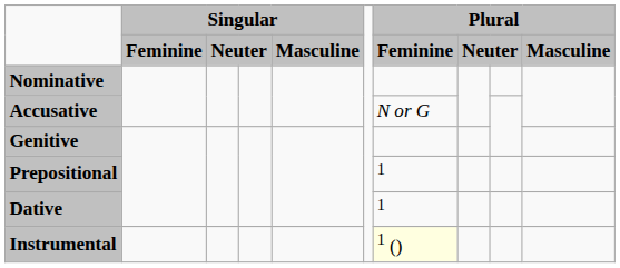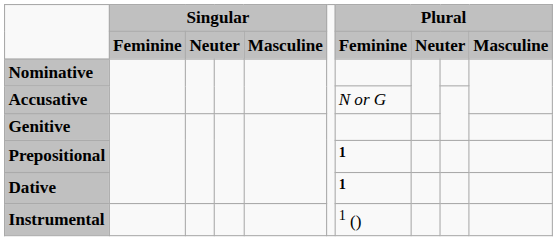 <table class="wikitable">
 <tr>
 <td rowspan="2"></td>
 <td style="background:#C0C0C0" colspan="4" align="center"><strong>Singular</strong></td>
 <td rowspan="8"></td>
 <td style="background:#C0C0C0" colspan="4" align="center"><strong>Plural</strong></td>
 </tr>
 <tr>
 <td style="background:#C0C0C0"><strong>Feminine</strong></td>
 <td style="background:#C0C0C0" colspan="2"><strong>Neuter</strong></td>
 <td style="background:#C0C0C0"><strong>Masculine</strong></td>
 <td style="background:#C0C0C0"><strong>Feminine</strong></td>
 <td style="background:#C0C0C0" colspan="2"><strong>Neuter</strong></td>
 <td style="background:#C0C0C0"><strong>Masculine</strong></td>
 </tr>
 <tr>
 <td style="background:#C0C0C0"><strong>Nominative</strong></td>
 <td rowspan="2"></td>
 <td rowspan="2"></td>
 <td rowspan="2"></td>
 <td rowspan="2"></td>
 <td></td>
 <td rowspan="2"></td>
 <td></td>
 <td rowspan="2"></td>
 </tr>
 <tr>
 <td style="background:#C0C0C0"><strong>Accusative</strong></td>
 <td><em>N or G</em></td>
 <td rowspan="2"></td>
 </tr>
 <tr>
 <td style="background:#C0C0C0"><strong>Genitive</strong></td>
 <td rowspan="3"></td>
 <td rowspan="3"></td>
 <td rowspan="3"></td>
 <td rowspan="3"></td>
 <td></td>
 <td></td>
 <td></td>
 </tr>
 <tr>
 <td style="background:#C0C0C0"><strong>Prepositional</strong></td>
-<td><sup>1</sup></td>
+<td><strong><sup>1</sup></strong></td>
 <td></td>
 <td></td>
 <td></td>
 </tr>
 <tr>
 <td style="background:#C0C0C0"><strong>Dative</strong></td>
-<td><sup>1</sup></td>
+<td><strong><sup>1</sup></strong></td>
 <td></td>
 <td></td>
 <td></td>
 </tr>
 <tr>
 <td style="background:#C0C0C0"><strong>Instrumental</strong></td>
 <td></td>
 <td></td>
 <td></td>
 <td></td>
-<td style="background: lightyellow;"><sup>1</sup> ()</td>
+<td><sup>1</sup> ()</td>
 <td></td>
 <td></td>
 <td></td>
 </tr>
 </table>
